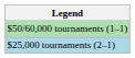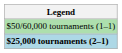 <table class="wikitable" style="font-size:85%">
 <tr>
 <th>Legend</th>
 </tr>
 <tr style="background:#addfad;">
 <td>$50/60,000 tournaments (1–1)</td>
 </tr>
 <tr style="background:lightblue;">
-<td>$25,000 tournaments (2–1)</td>
+<td><strong>$25,000 tournaments (2–1)</strong></td>
 </tr>
 </table>
